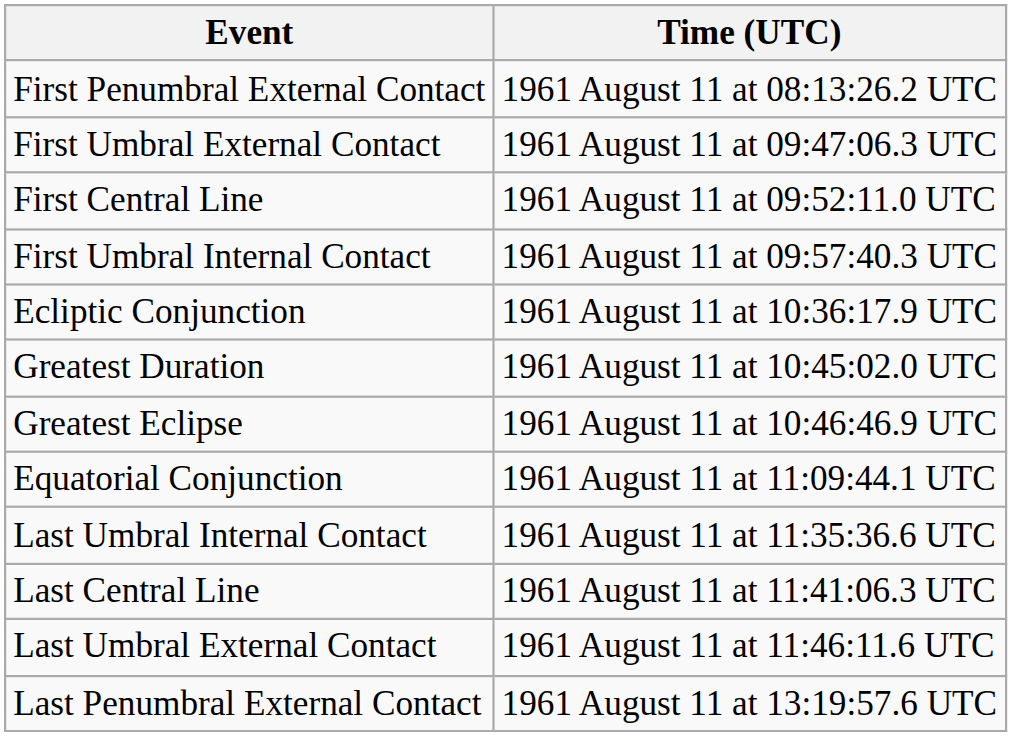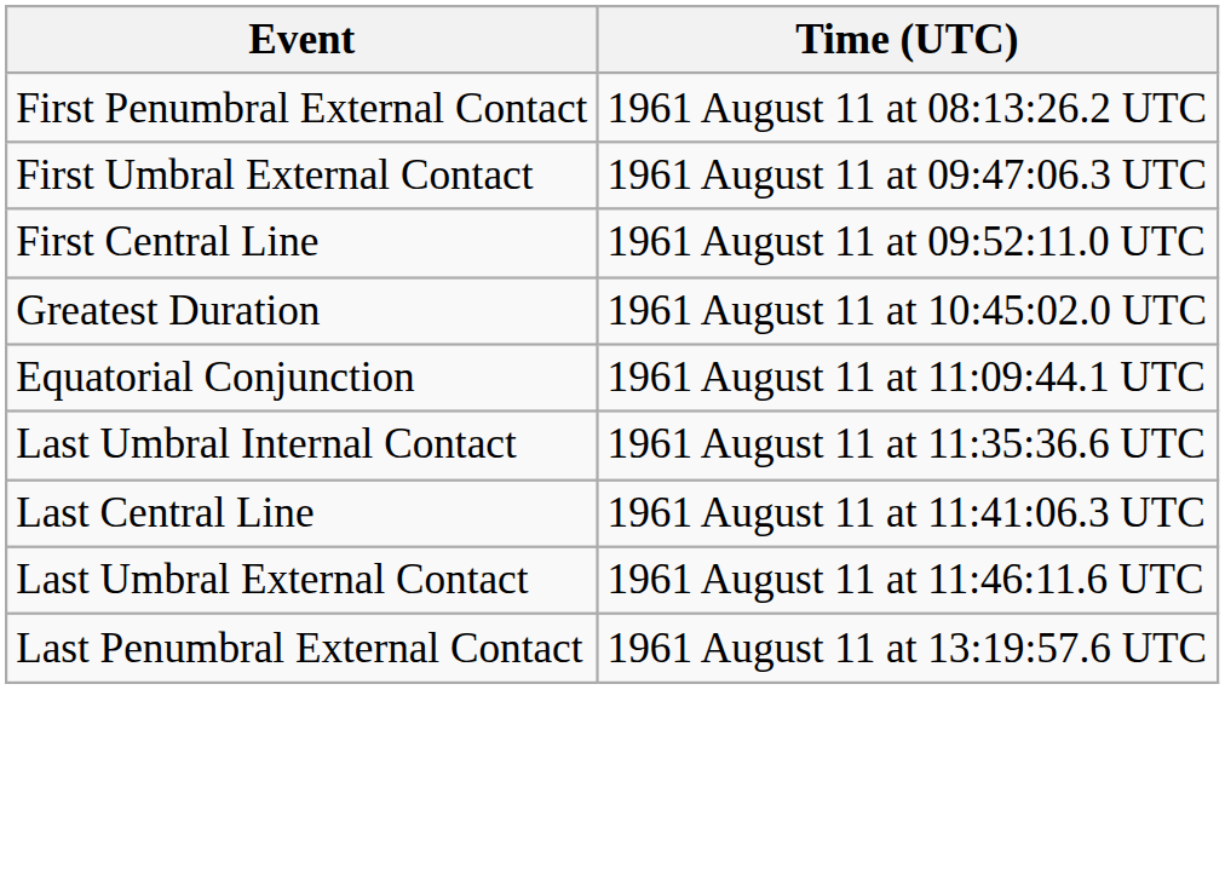 <table class="wikitable">
 <tr>
 <th>Event</th>
 <th>Time (UTC)</th>
 </tr>
 <tr>
 <td>First Penumbral External Contact</td>
 <td>1961 August 11 at 08:13:26.2 UTC</td>
 </tr>
 <tr>
 <td>First Umbral External Contact</td>
 <td>1961 August 11 at 09:47:06.3 UTC</td>
 </tr>
 <tr>
 <td>First Central Line</td>
 <td>1961 August 11 at 09:52:11.0 UTC</td>
 </tr>
 <tr>
-<td>First Umbral Internal Contact</td>
-<td>1961 August 11 at 09:57:40.3 UTC</td>
-</tr>
-<tr>
-<td>Ecliptic Conjunction</td>
-<td>1961 August 11 at 10:36:17.9 UTC</td>
-</tr>
-<tr>
 <td>Greatest Duration</td>
 <td>1961 August 11 at 10:45:02.0 UTC</td>
-</tr>
-<tr>
-<td>Greatest Eclipse</td>
-<td>1961 August 11 at 10:46:46.9 UTC</td>
 </tr>
 <tr>
 <td>Equatorial Conjunction</td>
 <td>1961 August 11 at 11:09:44.1 UTC</td>
 </tr>
 <tr>
 <td>Last Umbral Internal Contact</td>
 <td>1961 August 11 at 11:35:36.6 UTC</td>
 </tr>
 <tr>
 <td>Last Central Line</td>
 <td>1961 August 11 at 11:41:06.3 UTC</td>
 </tr>
 <tr>
 <td>Last Umbral External Contact</td>
 <td>1961 August 11 at 11:46:11.6 UTC</td>
 </tr>
 <tr>
 <td>Last Penumbral External Contact</td>
 <td>1961 August 11 at 13:19:57.6 UTC</td>
 </tr>
 </table>
